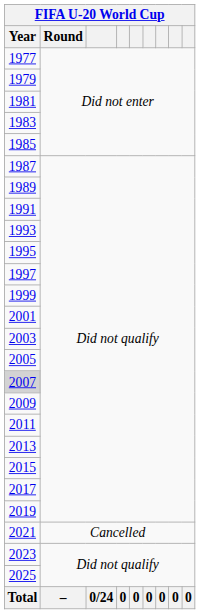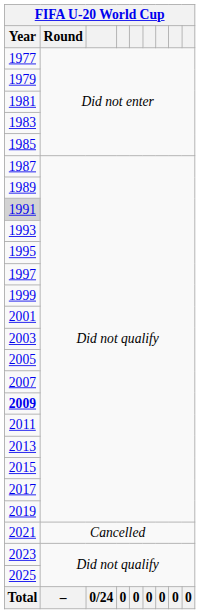 <table class="wikitable" style="text-align:center;">
 <tr>
 <th colspan="9"><a href='#'>FIFA U-20 World Cup</a></th>
 </tr>
 <tr>
 <th>Year</th>
 <th>Round</th>
 <th></th>
 <th></th>
 <th></th>
 <th></th>
 <th></th>
 <th></th>
 <th></th>
 </tr>
 <tr>
 <td> <a href='#'>1977</a></td>
 <td rowspan=5 colspan=8><em>Did not enter</em></td>
 </tr>
 <tr>
 <td> <a href='#'>1979</a></td>
 </tr>
 <tr>
 <td> <a href='#'>1981</a></td>
 </tr>
 <tr>
 <td> <a href='#'>1983</a></td>
 </tr>
 <tr>
 <td> <a href='#'>1985</a></td>
 </tr>
 <tr>
 <td> <a href='#'>1987</a></td>
 <td rowspan=17 colspan=8><em>Did not qualify</em></td>
 </tr>
 <tr>
 <td> <a href='#'>1989</a></td>
 </tr>
 <tr>
-<td> <a href='#'>1991</a></td>
+<td style="background: lightgrey;"> <a href='#'>1991</a></td>
 </tr>
 <tr>
 <td> <a href='#'>1993</a></td>
 </tr>
 <tr>
 <td> <a href='#'>1995</a></td>
 </tr>
 <tr>
 <td> <a href='#'>1997</a></td>
 </tr>
 <tr>
 <td> <a href='#'>1999</a></td>
 </tr>
 <tr>
 <td> <a href='#'>2001</a></td>
 </tr>
 <tr>
 <td> <a href='#'>2003</a></td>
 </tr>
 <tr>
 <td> <a href='#'>2005</a></td>
 </tr>
 <tr>
-<td style="background: lightgrey;"> <a href='#'>2007</a></td>
+<td> <a href='#'>2007</a></td>
 </tr>
 <tr>
-<td> <a href='#'>2009</a></td>
+<td><strong> <a href='#'>2009</a></strong></td>
 </tr>
 <tr>
 <td> <a href='#'>2011</a></td>
 </tr>
 <tr>
 <td> <a href='#'>2013</a></td>
 </tr>
 <tr>
 <td> <a href='#'>2015</a></td>
 </tr>
 <tr>
 <td> <a href='#'>2017</a></td>
 </tr>
 <tr>
 <td> <a href='#'>2019</a></td>
 </tr>
 <tr>
 <td> <a href='#'>2021</a></td>
 <td colspan=8><em>Cancelled</em></td>
 </tr>
 <tr>
 <td> <a href='#'>2023</a></td>
 <td rowspan=2 colspan=8><em>Did not qualify</em></td>
 </tr>
 <tr>
 <td> <a href='#'>2025</a></td>
 </tr>
 <tr>
 <th><strong>Total</strong></th>
 <th>–</th>
 <th><strong>0/24</strong></th>
 <th><strong>0</strong></th>
 <th><strong>0</strong></th>
 <th><strong>0</strong></th>
 <th><strong>0</strong></th>
 <th><strong>0</strong></th>
 <th><strong>0</strong></th>
 </tr>
 </table>
